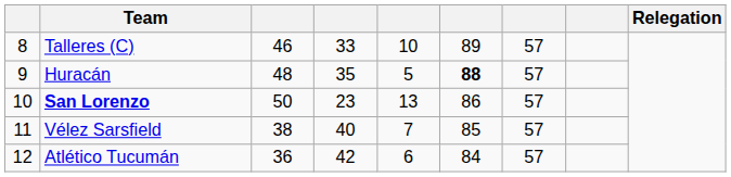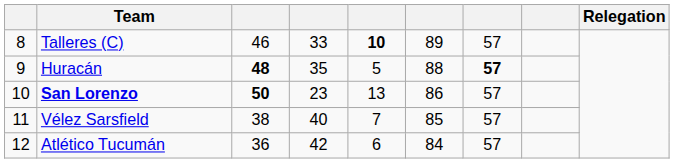 <table class="wikitable sortable" style="text-align: center;">
 <tr>
 <th width=25></th>
 <th width=185>Team</th>
 <th width=50></th>
 <th width=50></th>
 <th width=50></th>
 <th width=50></th>
 <th width=50></th>
 <th width=50></th>
 <th>Relegation</th>
 </tr>
 <tr>
 <td>8</td>
 <td align="left"><a href='#'>Talleres (C)</a></td>
 <td>46</td>
 <td>33</td>
-<td>10</td>
+<td><strong>10</strong></td>
 <td>89</td>
 <td>57</td>
 <td><strong></strong></td>
 </tr>
 <tr>
 <td>9</td>
 <td align="left"><a href='#'>Huracán</a></td>
-<td>48</td>
+<td><strong>48</strong></td>
 <td>35</td>
 <td>5</td>
-<td><strong>88</strong></td>
-<td>57</td>
+<td>88</td>
+<td><strong>57</strong></td>
 <td><strong></strong></td>
 </tr>
 <tr>
 <td>10</td>
 <td align="left"><strong><a href='#'>San Lorenzo</a></strong></td>
-<td>50</td>
+<td><strong>50</strong></td>
 <td>23</td>
 <td>13</td>
 <td>86</td>
 <td>57</td>
 <td><strong></strong></td>
 </tr>
 <tr>
 <td>11</td>
 <td align="left"><a href='#'>Vélez Sarsfield</a></td>
 <td>38</td>
 <td>40</td>
 <td>7</td>
 <td>85</td>
 <td>57</td>
 <td><strong></strong></td>
 </tr>
 <tr>
 <td>12</td>
 <td align="left"><a href='#'>Atlético Tucumán</a></td>
 <td>36</td>
 <td>42</td>
 <td>6</td>
 <td>84</td>
 <td>57</td>
 <td><strong></strong></td>
 </tr>
 </table>
